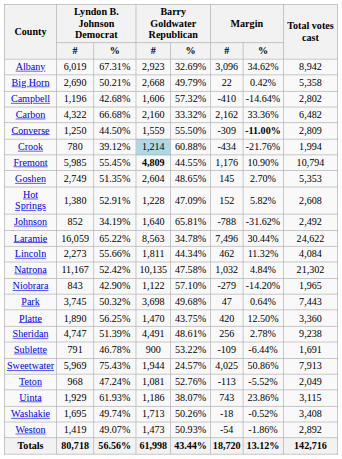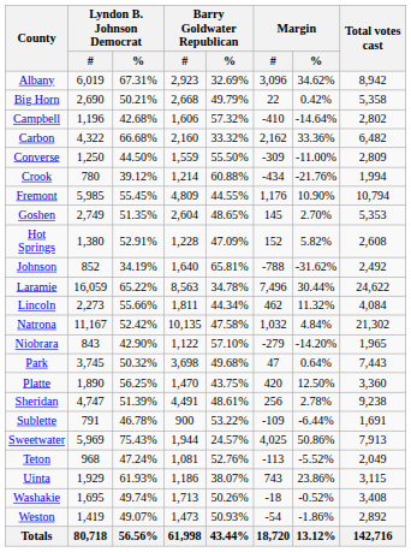 <table width="60%" class="wikitable sortable" style="text-align:center">
 <tr>
 <th style="text-align:center;" rowspan="2">County</th>
 <th style="text-align:center;" colspan="2">Lyndon B. Johnson<br>Democrat</th>
 <th style="text-align:center;" colspan="2">Barry Goldwater<br>Republican</th>
 <th style="text-align:center;" colspan="2">Margin</th>
 <th style="text-align:center;" rowspan="2">Total votes cast</th>
 </tr>
 <tr>
 <th style="text-align:center;" data-sort-type="number">#</th>
 <th style="text-align:center;" data-sort-type="number">%</th>
 <th style="text-align:center;" data-sort-type="number">#</th>
 <th style="text-align:center;" data-sort-type="number">%</th>
 <th style="text-align:center;" data-sort-type="number">#</th>
 <th style="text-align:center;" data-sort-type="number">%</th>
 </tr>
 <tr style="text-align:center;">
 <td><a href='#'>Albany</a></td>
 <td>6,019</td>
 <td>67.31%</td>
 <td>2,923</td>
 <td>32.69%</td>
 <td>3,096</td>
 <td>34.62%</td>
 <td>8,942</td>
 </tr>
 <tr style="text-align:center;">
 <td><a href='#'>Big Horn</a></td>
 <td>2,690</td>
 <td>50.21%</td>
 <td>2,668</td>
 <td>49.79%</td>
 <td>22</td>
 <td>0.42%</td>
 <td>5,358</td>
 </tr>
 <tr style="text-align:center;">
 <td><a href='#'>Campbell</a></td>
 <td>1,196</td>
 <td>42.68%</td>
 <td>1,606</td>
 <td>57.32%</td>
 <td>-410</td>
 <td>-14.64%</td>
 <td>2,802</td>
 </tr>
 <tr style="text-align:center;">
 <td><a href='#'>Carbon</a></td>
 <td>4,322</td>
 <td>66.68%</td>
 <td>2,160</td>
 <td>33.32%</td>
 <td>2,162</td>
 <td>33.36%</td>
 <td>6,482</td>
 </tr>
 <tr style="text-align:center;">
 <td><a href='#'>Converse</a></td>
 <td>1,250</td>
 <td>44.50%</td>
 <td>1,559</td>
 <td>55.50%</td>
 <td>-309</td>
-<td><strong>-11.00%</strong></td>
+<td>-11.00%</td>
 <td>2,809</td>
 </tr>
 <tr style="text-align:center;">
 <td><a href='#'>Crook</a></td>
 <td>780</td>
 <td>39.12%</td>
-<td style="background: lightblue;">1,214</td>
+<td>1,214</td>
 <td>60.88%</td>
 <td>-434</td>
 <td>-21.76%</td>
 <td>1,994</td>
 </tr>
 <tr style="text-align:center;">
 <td><a href='#'>Fremont</a></td>
 <td>5,985</td>
 <td>55.45%</td>
-<td><strong>4,809</strong></td>
+<td>4,809</td>
 <td>44.55%</td>
 <td>1,176</td>
 <td>10.90%</td>
 <td>10,794</td>
 </tr>
 <tr style="text-align:center;">
 <td><a href='#'>Goshen</a></td>
 <td>2,749</td>
 <td>51.35%</td>
 <td>2,604</td>
 <td>48.65%</td>
 <td>145</td>
 <td>2.70%</td>
 <td>5,353</td>
 </tr>
 <tr style="text-align:center;">
 <td><a href='#'>Hot Springs</a></td>
 <td>1,380</td>
 <td>52.91%</td>
 <td>1,228</td>
 <td>47.09%</td>
 <td>152</td>
 <td>5.82%</td>
 <td>2,608</td>
 </tr>
 <tr style="text-align:center;">
 <td><a href='#'>Johnson</a></td>
 <td>852</td>
 <td>34.19%</td>
 <td>1,640</td>
 <td>65.81%</td>
 <td>-788</td>
 <td>-31.62%</td>
 <td>2,492</td>
 </tr>
 <tr style="text-align:center;">
 <td><a href='#'>Laramie</a></td>
 <td>16,059</td>
 <td>65.22%</td>
 <td>8,563</td>
 <td>34.78%</td>
 <td>7,496</td>
 <td>30.44%</td>
 <td>24,622</td>
 </tr>
 <tr style="text-align:center;">
 <td><a href='#'>Lincoln</a></td>
 <td>2,273</td>
 <td>55.66%</td>
 <td>1,811</td>
 <td>44.34%</td>
 <td>462</td>
 <td>11.32%</td>
 <td>4,084</td>
 </tr>
 <tr style="text-align:center;">
 <td><a href='#'>Natrona</a></td>
 <td>11,167</td>
 <td>52.42%</td>
 <td>10,135</td>
 <td>47.58%</td>
 <td>1,032</td>
 <td>4.84%</td>
 <td>21,302</td>
 </tr>
 <tr style="text-align:center;">
 <td><a href='#'>Niobrara</a></td>
 <td>843</td>
 <td>42.90%</td>
 <td>1,122</td>
 <td>57.10%</td>
 <td>-279</td>
 <td>-14.20%</td>
 <td>1,965</td>
 </tr>
 <tr style="text-align:center;">
 <td><a href='#'>Park</a></td>
 <td>3,745</td>
 <td>50.32%</td>
 <td>3,698</td>
 <td>49.68%</td>
 <td>47</td>
 <td>0.64%</td>
 <td>7,443</td>
 </tr>
 <tr style="text-align:center;">
 <td><a href='#'>Platte</a></td>
 <td>1,890</td>
 <td>56.25%</td>
 <td>1,470</td>
 <td>43.75%</td>
 <td>420</td>
 <td>12.50%</td>
 <td>3,360</td>
 </tr>
 <tr style="text-align:center;">
 <td><a href='#'>Sheridan</a></td>
 <td>4,747</td>
 <td>51.39%</td>
 <td>4,491</td>
 <td>48.61%</td>
 <td>256</td>
 <td>2.78%</td>
 <td>9,238</td>
 </tr>
 <tr style="text-align:center;">
 <td><a href='#'>Sublette</a></td>
 <td>791</td>
 <td>46.78%</td>
 <td>900</td>
 <td>53.22%</td>
 <td>-109</td>
 <td>-6.44%</td>
 <td>1,691</td>
 </tr>
 <tr style="text-align:center;">
 <td><a href='#'>Sweetwater</a></td>
 <td>5,969</td>
 <td>75.43%</td>
 <td>1,944</td>
 <td>24.57%</td>
 <td>4,025</td>
 <td>50.86%</td>
 <td>7,913</td>
 </tr>
 <tr style="text-align:center;">
 <td><a href='#'>Teton</a></td>
 <td>968</td>
 <td>47.24%</td>
 <td>1,081</td>
 <td>52.76%</td>
 <td>-113</td>
 <td>-5.52%</td>
 <td>2,049</td>
 </tr>
 <tr style="text-align:center;">
 <td><a href='#'>Uinta</a></td>
 <td>1,929</td>
 <td>61.93%</td>
 <td>1,186</td>
 <td>38.07%</td>
 <td>743</td>
 <td>23.86%</td>
 <td>3,115</td>
 </tr>
 <tr style="text-align:center;">
 <td><a href='#'>Washakie</a></td>
 <td>1,695</td>
 <td>49.74%</td>
 <td>1,713</td>
 <td>50.26%</td>
 <td>-18</td>
 <td>-0.52%</td>
 <td>3,408</td>
 </tr>
 <tr style="text-align:center;">
 <td><a href='#'>Weston</a></td>
 <td>1,419</td>
 <td>49.07%</td>
 <td>1,473</td>
 <td>50.93%</td>
 <td>-54</td>
 <td>-1.86%</td>
 <td>2,892</td>
 </tr>
 <tr style="text-align:center;">
 <th>Totals</th>
 <th>80,718</th>
 <th>56.56%</th>
 <th>61,998</th>
 <th>43.44%</th>
 <th>18,720</th>
 <th>13.12%</th>
 <th>142,716</th>
 </tr>
 </table>
